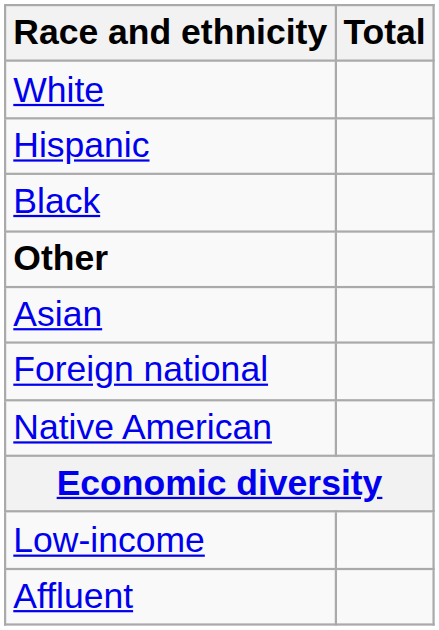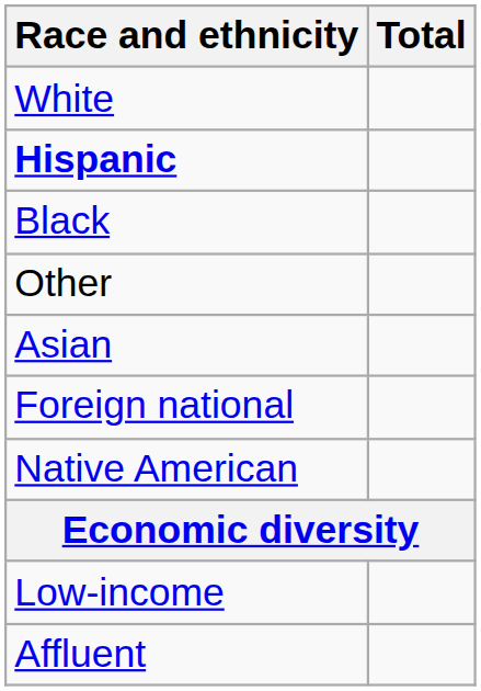 <table class="wikitable floatright sortable collapsible"; text-align:right; font-size:80%;">
 <tr>
 <th>Race and ethnicity</th>
 <th colspan="2" data-sort-type=number>Total</th>
 </tr>
 <tr>
 <td><a href='#'>White</a></td>
 <td align=right></td>
 </tr>
 <tr>
-<td><a href='#'>Hispanic</a></td>
+<td><strong><a href='#'>Hispanic</a></strong></td>
 <td align=right></td>
 </tr>
 <tr>
 <td><a href='#'>Black</a></td>
 <td align=right></td>
 </tr>
 <tr>
-<td><strong>Other</strong></td>
+<td>Other</td>
 <td align=right></td>
 </tr>
 <tr>
 <td><a href='#'>Asian</a></td>
 <td align=right></td>
 </tr>
 <tr>
 <td><a href='#'>Foreign national</a></td>
 <td align=right></td>
 </tr>
 <tr>
 <td><a href='#'>Native American</a></td>
 <td align=right></td>
 </tr>
 <tr>
 <th colspan="4" data-sort-type=number><a href='#'>Economic diversity</a></th>
 </tr>
 <tr>
 <td><a href='#'>Low-income</a></td>
 <td align=right></td>
 </tr>
 <tr>
 <td><a href='#'>Affluent</a></td>
 <td align=right></td>
 </tr>
 </table>
